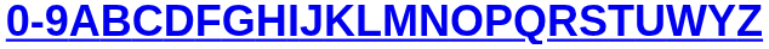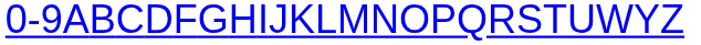 <table id="toc" class="toc" summary="Class">
 <tr>
 <th></th>
 </tr>
 <tr>
-<td style="text-align:center;"><strong><a href='#'>0-9</a><a href='#'>A</a><a href='#'>B</a><a href='#'>C</a><a href='#'>D</a><a href='#'>F</a><a href='#'>G</a><a href='#'>H</a><a href='#'>I</a><a href='#'>J</a><a href='#'>K</a><a href='#'>L</a><a href='#'>M</a><a href='#'>N</a><a href='#'>O</a><a href='#'>P</a><a href='#'>Q</a><a href='#'>R</a><a href='#'>S</a><a href='#'>T</a><a href='#'>U</a><a href='#'>W</a><a href='#'>Y</a><a href='#'>Z</a></strong></td>
+<td style="text-align:center;"><a href='#'>0-9</a><a href='#'>A</a><a href='#'>B</a><a href='#'>C</a><a href='#'>D</a><a href='#'>F</a><a href='#'>G</a><a href='#'>H</a><a href='#'>I</a><a href='#'>J</a><a href='#'>K</a><a href='#'>L</a><a href='#'>M</a><a href='#'>N</a><a href='#'>O</a><a href='#'>P</a><a href='#'>Q</a><a href='#'>R</a><a href='#'>S</a><a href='#'>T</a><a href='#'>U</a><a href='#'>W</a><a href='#'>Y</a><a href='#'>Z</a></td>
 </tr>
 </table>
